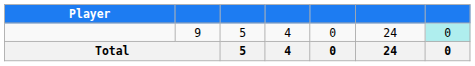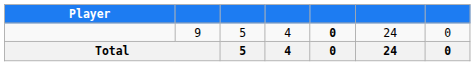 <table class="wikitable sortable" style="width:60%; text-align:center;">
 <tr>
 <th style="color:white; background:#1D7CF2; ">Player</th>
 <th style="color:white; background:#1D7CF2; "></th>
 <th style="color:white; background:#1D7CF2; "></th>
 <th style="color:white; background:#1D7CF2; "></th>
 <th style="color:white; background:#1D7CF2; "></th>
 <th style="color:white; background:#1D7CF2; "></th>
 <th style="color:white; background:#1D7CF2; "></th>
 </tr>
 <tr>
 <td></td>
 <td>9</td>
 <td>5</td>
 <td>4</td>
+<td><strong>0</strong></td>
+<td>24</td>
 <td>0</td>
-<td>24</td>
-<td style="background: paleturquoise;">0</td>
 </tr>
 <tr class="sortbottom">
 <th colspan=2>Total</th>
 <th>5</th>
 <th>4</th>
 <th>0</th>
 <th>24</th>
 <th>0</th>
 </tr>
 </table>
